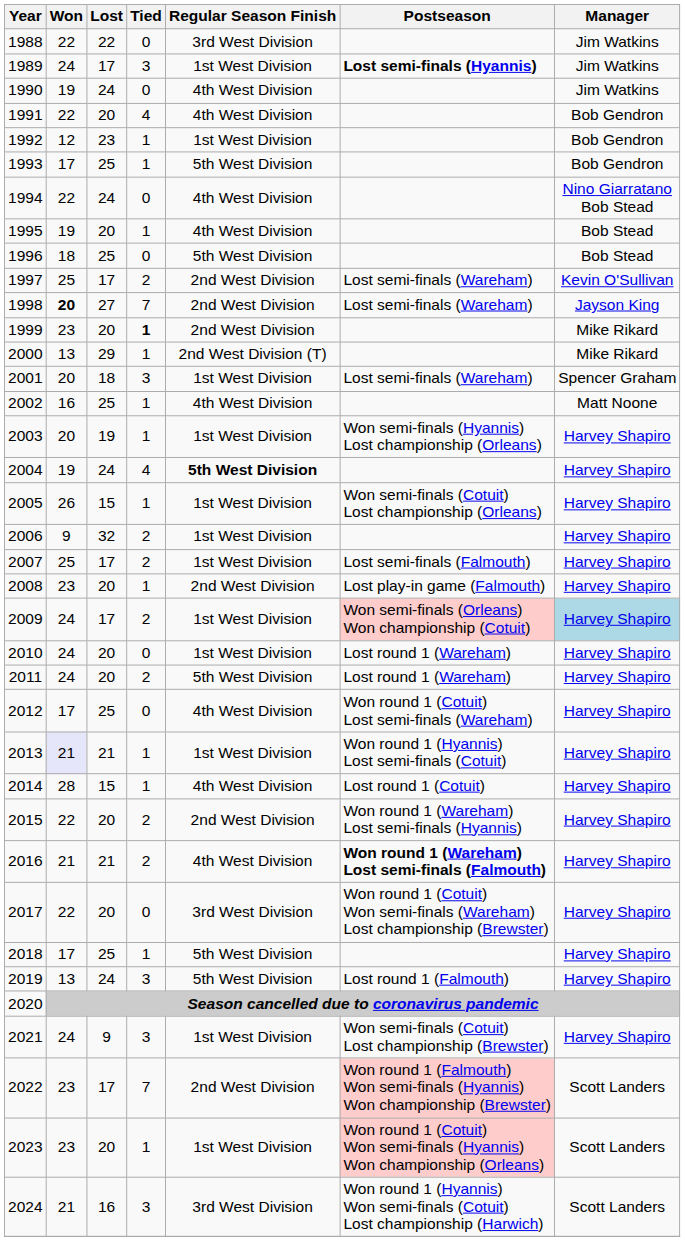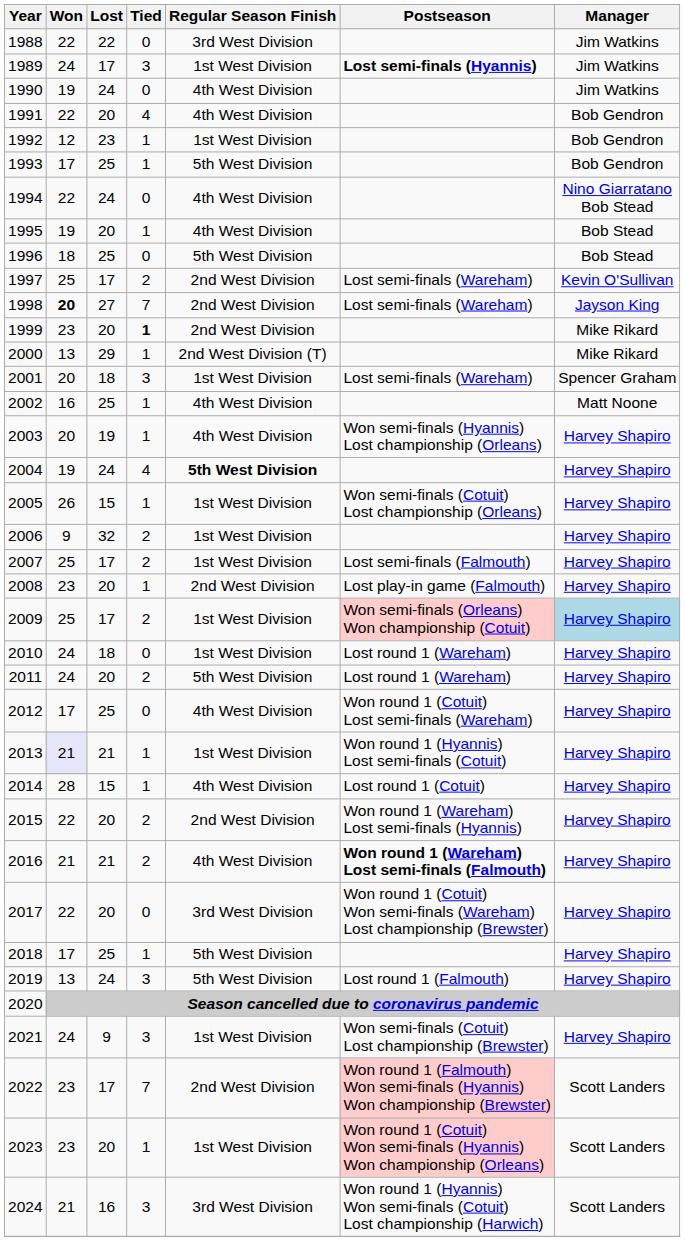 <table class="wikitable" style="text-align:center">
 <tr>
 <th>Year</th>
 <th>Won</th>
 <th>Lost</th>
 <th>Tied</th>
 <th>Regular Season Finish</th>
 <th>Postseason</th>
 <th>Manager</th>
 </tr>
 <tr>
 <td>1988</td>
 <td>22</td>
 <td>22</td>
 <td>0</td>
 <td>3rd West Division</td>
 <td></td>
 <td>Jim Watkins</td>
 </tr>
 <tr>
 <td>1989</td>
 <td>24</td>
 <td>17</td>
 <td>3</td>
 <td>1st West Division</td>
 <td style="text-align:left"><strong>Lost semi-finals (<a href='#'>Hyannis</a>)</strong></td>
 <td>Jim Watkins</td>
 </tr>
 <tr>
 <td>1990</td>
 <td>19</td>
 <td>24</td>
 <td>0</td>
 <td>4th West Division</td>
 <td></td>
 <td>Jim Watkins</td>
 </tr>
 <tr>
 <td>1991</td>
 <td>22</td>
 <td>20</td>
 <td>4</td>
 <td>4th West Division</td>
 <td></td>
 <td>Bob Gendron</td>
 </tr>
 <tr>
 <td>1992</td>
 <td>12</td>
 <td>23</td>
 <td>1</td>
 <td>1st West Division</td>
 <td></td>
 <td>Bob Gendron</td>
 </tr>
 <tr>
 <td>1993</td>
 <td>17</td>
 <td>25</td>
 <td>1</td>
 <td>5th West Division</td>
 <td></td>
 <td>Bob Gendron</td>
 </tr>
 <tr>
 <td>1994</td>
 <td>22</td>
 <td>24</td>
 <td>0</td>
 <td>4th West Division</td>
 <td></td>
 <td><a href='#'>Nino Giarratano</a><br>Bob Stead</td>
 </tr>
 <tr>
 <td>1995</td>
 <td>19</td>
 <td>20</td>
 <td>1</td>
 <td>4th West Division</td>
 <td></td>
 <td>Bob Stead</td>
 </tr>
 <tr>
 <td>1996</td>
 <td>18</td>
 <td>25</td>
 <td>0</td>
 <td>5th West Division</td>
 <td></td>
 <td>Bob Stead</td>
 </tr>
 <tr>
 <td>1997</td>
 <td>25</td>
 <td>17</td>
 <td>2</td>
 <td>2nd West Division</td>
 <td style="text-align:left">Lost semi-finals (<a href='#'>Wareham</a>)</td>
 <td><a href='#'>Kevin O'Sullivan</a></td>
 </tr>
 <tr>
 <td>1998</td>
 <td><strong>20</strong></td>
 <td>27</td>
 <td>7</td>
 <td>2nd West Division</td>
 <td style="text-align:left">Lost semi-finals (<a href='#'>Wareham</a>)</td>
 <td><a href='#'>Jayson King</a></td>
 </tr>
 <tr>
 <td>1999</td>
 <td>23</td>
 <td>20</td>
 <td><strong>1</strong></td>
 <td>2nd West Division</td>
 <td></td>
 <td>Mike Rikard</td>
 </tr>
 <tr>
 <td>2000</td>
 <td>13</td>
 <td>29</td>
 <td>1</td>
 <td>2nd West Division (T)</td>
 <td></td>
 <td>Mike Rikard</td>
 </tr>
 <tr>
 <td>2001</td>
 <td>20</td>
 <td>18</td>
 <td>3</td>
 <td>1st West Division</td>
 <td style="text-align:left">Lost semi-finals (<a href='#'>Wareham</a>)</td>
 <td>Spencer Graham</td>
 </tr>
 <tr>
 <td>2002</td>
 <td>16</td>
 <td>25</td>
 <td>1</td>
 <td>4th West Division</td>
 <td></td>
 <td>Matt Noone</td>
 </tr>
 <tr>
 <td>2003</td>
 <td>20</td>
 <td>19</td>
 <td>1</td>
-<td>1st West Division</td>
+<td>4th West Division</td>
 <td style="text-align:left">Won semi-finals (<a href='#'>Hyannis</a>)<br>Lost championship (<a href='#'>Orleans</a>)</td>
 <td><a href='#'>Harvey Shapiro</a></td>
 </tr>
 <tr>
 <td>2004</td>
 <td>19</td>
 <td>24</td>
 <td>4</td>
 <td><strong>5th West Division</strong></td>
 <td></td>
 <td><a href='#'>Harvey Shapiro</a></td>
 </tr>
 <tr>
 <td>2005</td>
 <td>26</td>
 <td>15</td>
 <td>1</td>
 <td>1st West Division</td>
 <td style="text-align:left">Won semi-finals (<a href='#'>Cotuit</a>)<br>Lost championship (<a href='#'>Orleans</a>)</td>
 <td><a href='#'>Harvey Shapiro</a></td>
 </tr>
 <tr>
 <td>2006</td>
 <td>9</td>
 <td>32</td>
 <td>2</td>
 <td>1st West Division</td>
 <td></td>
 <td><a href='#'>Harvey Shapiro</a></td>
 </tr>
 <tr>
 <td>2007</td>
 <td>25</td>
 <td>17</td>
 <td>2</td>
 <td>1st West Division</td>
 <td style="text-align:left">Lost semi-finals (<a href='#'>Falmouth</a>)</td>
 <td><a href='#'>Harvey Shapiro</a></td>
 </tr>
 <tr>
 <td>2008</td>
 <td>23</td>
 <td>20</td>
 <td>1</td>
 <td>2nd West Division</td>
 <td style="text-align:left">Lost play-in game (<a href='#'>Falmouth</a>)</td>
 <td><a href='#'>Harvey Shapiro</a></td>
 </tr>
 <tr>
 <td>2009</td>
-<td>24</td>
+<td>25</td>
 <td>17</td>
 <td>2</td>
 <td>1st West Division</td>
 <td style="text-align:left" bgcolor=#ffcccc>Won semi-finals (<a href='#'>Orleans</a>)<br>Won championship (<a href='#'>Cotuit</a>)</td>
 <td style="background: lightblue;"><a href='#'>Harvey Shapiro</a></td>
 </tr>
 <tr>
 <td>2010</td>
 <td>24</td>
-<td>20</td>
+<td>18</td>
 <td>0</td>
 <td>1st West Division</td>
 <td style="text-align:left">Lost round 1 (<a href='#'>Wareham</a>)</td>
 <td><a href='#'>Harvey Shapiro</a></td>
 </tr>
 <tr>
 <td>2011</td>
 <td>24</td>
 <td>20</td>
 <td>2</td>
 <td>5th West Division</td>
 <td style="text-align:left">Lost round 1 (<a href='#'>Wareham</a>)</td>
 <td><a href='#'>Harvey Shapiro</a></td>
 </tr>
 <tr>
 <td>2012</td>
 <td>17</td>
 <td>25</td>
 <td>0</td>
 <td>4th West Division</td>
 <td style="text-align:left">Won round 1 (<a href='#'>Cotuit</a>)<br>Lost semi-finals (<a href='#'>Wareham</a>)</td>
 <td><a href='#'>Harvey Shapiro</a></td>
 </tr>
 <tr>
 <td>2013</td>
 <td style="background: lavender;">21</td>
 <td>21</td>
 <td>1</td>
 <td>1st West Division</td>
 <td style="text-align:left">Won round 1 (<a href='#'>Hyannis</a>)<br>Lost semi-finals (<a href='#'>Cotuit</a>)</td>
 <td><a href='#'>Harvey Shapiro</a></td>
 </tr>
 <tr>
 <td>2014</td>
 <td>28</td>
 <td>15</td>
 <td>1</td>
 <td>4th West Division</td>
 <td style="text-align:left">Lost round 1 (<a href='#'>Cotuit</a>)</td>
 <td><a href='#'>Harvey Shapiro</a></td>
 </tr>
 <tr>
 <td>2015</td>
 <td>22</td>
 <td>20</td>
 <td>2</td>
 <td>2nd West Division</td>
 <td style="text-align:left">Won round 1 (<a href='#'>Wareham</a>)<br>Lost semi-finals (<a href='#'>Hyannis</a>)</td>
 <td><a href='#'>Harvey Shapiro</a></td>
 </tr>
 <tr>
 <td>2016</td>
 <td>21</td>
 <td>21</td>
 <td>2</td>
 <td>4th West Division</td>
 <td style="text-align:left"><strong>Won round 1 (<a href='#'>Wareham</a>)<br>Lost semi-finals (<a href='#'>Falmouth</a>)</strong></td>
 <td><a href='#'>Harvey Shapiro</a></td>
 </tr>
 <tr>
 <td>2017</td>
 <td>22</td>
 <td>20</td>
 <td>0</td>
 <td>3rd West Division</td>
 <td style="text-align:left">Won round 1 (<a href='#'>Cotuit</a>)<br>Won semi-finals (<a href='#'>Wareham</a>)<br>Lost championship (<a href='#'>Brewster</a>)</td>
 <td><a href='#'>Harvey Shapiro</a></td>
 </tr>
 <tr>
 <td>2018</td>
 <td>17</td>
 <td>25</td>
 <td>1</td>
 <td>5th West Division</td>
 <td></td>
 <td><a href='#'>Harvey Shapiro</a></td>
 </tr>
 <tr>
 <td>2019</td>
 <td>13</td>
 <td>24</td>
 <td>3</td>
 <td>5th West Division</td>
 <td style="text-align:left">Lost round 1 (<a href='#'>Falmouth</a>)</td>
 <td><a href='#'>Harvey Shapiro</a></td>
 </tr>
 <tr>
 <td>2020</td>
 <td colspan="6" align="center" bgcolor=#cccccc><strong><em>Season cancelled due to <a href='#'>coronavirus pandemic</a></em></strong></td>
 </tr>
 <tr>
 <td>2021</td>
 <td>24</td>
 <td>9</td>
 <td>3</td>
 <td>1st West Division</td>
 <td style="text-align:left">Won semi-finals (<a href='#'>Cotuit</a>)<br>Lost championship (<a href='#'>Brewster</a>)</td>
 <td><a href='#'>Harvey Shapiro</a></td>
 </tr>
 <tr>
 <td>2022</td>
 <td>23</td>
 <td>17</td>
 <td>7</td>
 <td>2nd West Division</td>
 <td style="text-align:left" bgcolor=#ffcccc>Won round 1 (<a href='#'>Falmouth</a>)<br>Won semi-finals (<a href='#'>Hyannis</a>)<br>Won championship (<a href='#'>Brewster</a>)</td>
 <td>Scott Landers</td>
 </tr>
 <tr>
 <td>2023</td>
 <td>23</td>
 <td>20</td>
 <td>1</td>
 <td>1st West Division</td>
 <td style="text-align:left" bgcolor=#ffcccc>Won round 1 (<a href='#'>Cotuit</a>)<br>Won semi-finals (<a href='#'>Hyannis</a>)<br>Won championship (<a href='#'>Orleans</a>)</td>
 <td>Scott Landers</td>
 </tr>
 <tr>
 <td>2024</td>
 <td>21</td>
 <td>16</td>
 <td>3</td>
 <td>3rd West Division</td>
 <td style="text-align:left">Won round 1 (<a href='#'>Hyannis</a>)<br>Won semi-finals (<a href='#'>Cotuit</a>)<br>Lost championship (<a href='#'>Harwich</a>)</td>
 <td>Scott Landers</td>
 </tr>
 <tr>
 </tr>
 </table>
